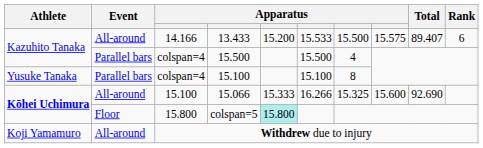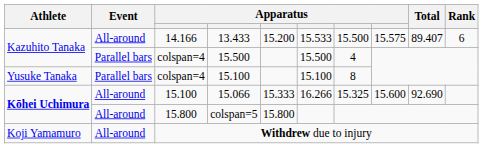 <table class="wikitable" style="font-size:90%">
 <tr>
 <th rowspan=2>Athlete</th>
 <th rowspan=2>Event</th>
 <th colspan =6>Apparatus</th>
 <th rowspan=2>Total</th>
 <th rowspan=2>Rank</th>
 </tr>
 <tr style="font-size:95%">
 <th></th>
 <th></th>
 <th></th>
 <th></th>
 <th></th>
 <th></th>
 </tr>
 <tr align=center>
 <td align=left rowspan=2><a href='#'>Kazuhito Tanaka</a></td>
 <td align=left><a href='#'>All-around</a></td>
 <td>14.166</td>
 <td>13.433</td>
 <td>15.200</td>
 <td>15.533</td>
 <td>15.500</td>
 <td>15.575</td>
 <td>89.407</td>
 <td>6</td>
 </tr>
 <tr align=center>
 <td align=left><a href='#'>Parallel bars</a></td>
 <td>colspan=4 </td>
 <td>15.500</td>
 <td></td>
 <td>15.500</td>
 <td>4</td>
 </tr>
 <tr align=center>
 <td align=left><a href='#'>Yusuke Tanaka</a></td>
 <td align=left><a href='#'>Parallel bars</a></td>
 <td>colspan=4 </td>
 <td>15.100</td>
 <td></td>
 <td>15.100</td>
 <td>8</td>
 </tr>
 <tr align=center>
 <td align=left rowspan=2><strong><a href='#'>Kōhei Uchimura</a></strong></td>
 <td align=left><a href='#'>All-around</a></td>
 <td>15.100</td>
 <td>15.066</td>
 <td>15.333</td>
 <td>16.266</td>
 <td>15.325</td>
 <td>15.600</td>
 <td>92.690</td>
 <td></td>
 </tr>
 <tr align=center>
-<td align=left><a href='#'>Floor</a></td>
+<td align=left><a href='#'>All-around</a></td>
 <td>15.800</td>
 <td>colspan=5 </td>
-<td style="background: paleturquoise;">15.800</td>
+<td>15.800</td>
 <td></td>
 </tr>
 <tr align=center>
 <td align=left><a href='#'>Koji Yamamuro</a></td>
 <td align=left><a href='#'>All-around</a></td>
 <td colspan=8><strong>Withdrew</strong> due to injury</td>
 </tr>
 </table>
